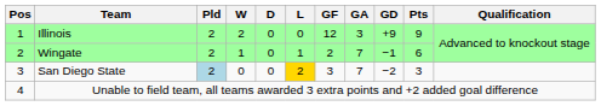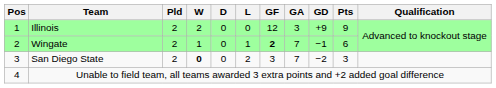 <table class="wikitable" style="text-align:center; margin: 1em auto">
 <tr>
 <th style=width:2em>Pos</th>
 <th style=width:13em>Team</th>
 <th style=width:2em>Pld</th>
 <th style=width:2em>W</th>
 <th style=width:2em>D</th>
 <th style=width:2em>L</th>
 <th style=width:2em>GF</th>
 <th style=width:2em>GA</th>
 <th style=width:2em>GD</th>
 <th style=width:2em>Pts</th>
 <th style=width:13em>Qualification</th>
 </tr>
 <tr bgcolor="#9eff9e">
 <td>1</td>
 <td style="text-align:left">Illinois</td>
 <td>2</td>
 <td>2</td>
 <td>0</td>
 <td>0</td>
 <td>12</td>
 <td>3</td>
 <td>+9<strong></strong></td>
 <td>9</td>
 <td rowspan="2">Advanced to knockout stage</td>
 </tr>
 <tr bgcolor="#9eff9e">
 <td>2</td>
 <td style="text-align:left">Wingate</td>
 <td>2</td>
 <td>1</td>
 <td>0</td>
 <td>1</td>
-<td>2</td>
+<td><strong>2</strong></td>
 <td>7</td>
 <td>−1<strong></strong></td>
 <td>6</td>
 </tr>
 <tr>
 <td>3</td>
 <td style="text-align:left">San Diego State</td>
-<td style="background: lightblue;">2</td>
+<td>2</td>
+<td><strong>0</strong></td>
 <td>0</td>
-<td>0</td>
-<td style="background: gold;">2</td>
+<td>2</td>
 <td>3</td>
 <td>7</td>
 <td>−2</td>
 <td>3</td>
 <td></td>
 </tr>
 <tr>
 <td>4</td>
 <td colspan="10" style="text-align:center">Unable to field team, all teams awarded 3 extra points and +2 added goal difference</td>
 </tr>
 </table>
